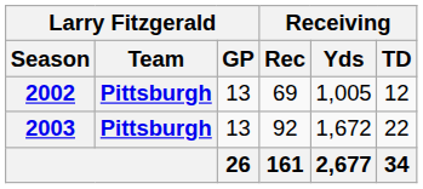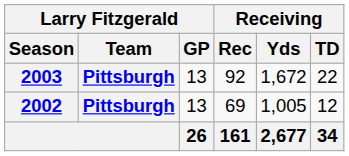 <table class="wikitable" style="text-align:center;">
 <tr>
 <th colspan="3">Larry Fitzgerald</th>
 <th colspan="3">Receiving</th>
 </tr>
 <tr>
 <th>Season</th>
 <th>Team</th>
 <th>GP</th>
 <th>Rec</th>
 <th>Yds</th>
 <th>TD</th>
 </tr>
 <tr>
+<th><a href='#'>2003</a></th>
+<th><a href='#'>Pittsburgh</a></th>
+<td>13</td>
+<td>92</td>
+<td>1,672</td>
+<td>22</td>
+</tr>
+<tr>
 <th><a href='#'>2002</a></th>
 <th><a href='#'>Pittsburgh</a></th>
 <td>13</td>
 <td>69</td>
 <td>1,005</td>
 <td>12</td>
-</tr>
-<tr>
-<th><a href='#'>2003</a></th>
-<th><a href='#'>Pittsburgh</a></th>
-<td>13</td>
-<td>92</td>
-<td>1,672</td>
-<td>22</td>
 </tr>
 <tr>
 <th colspan="2"></th>
 <th>26</th>
 <th>161</th>
 <th>2,677</th>
 <th>34</th>
 </tr>
 </table>
